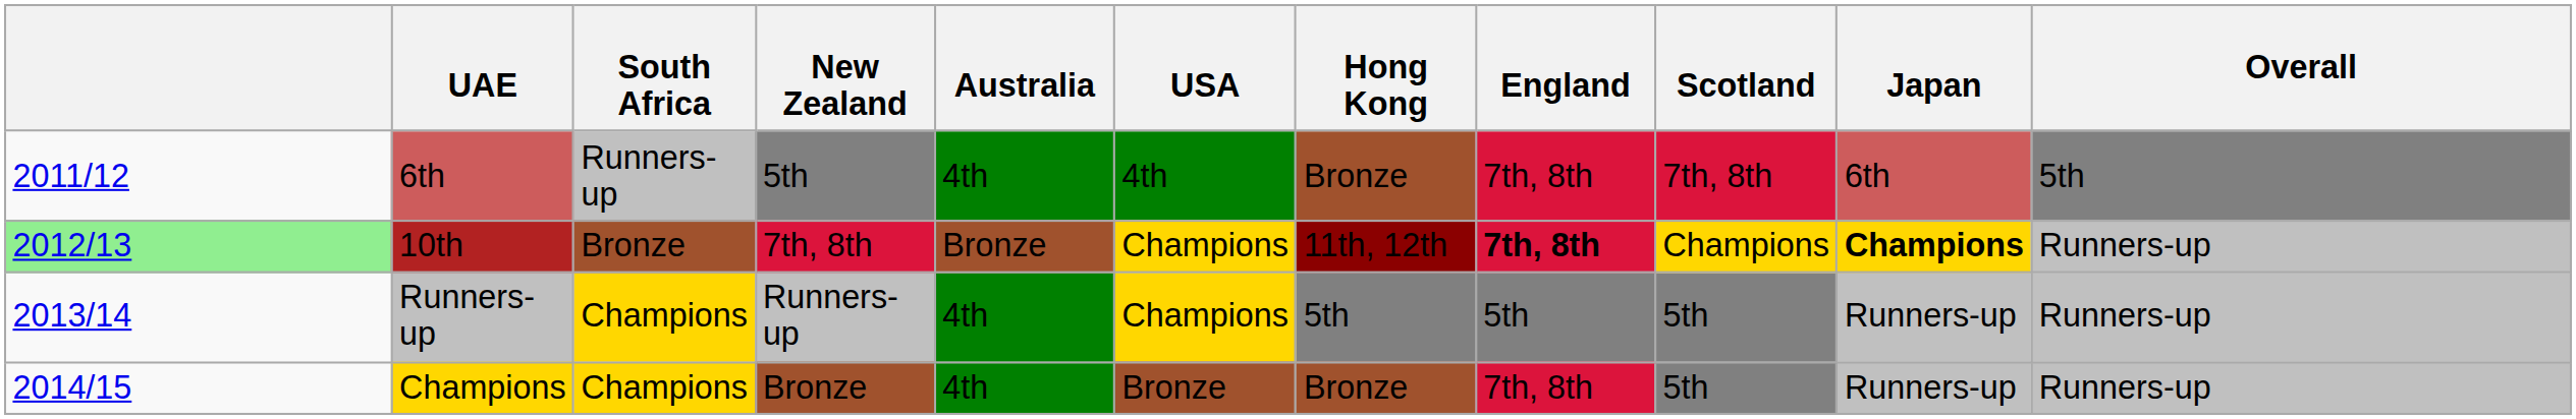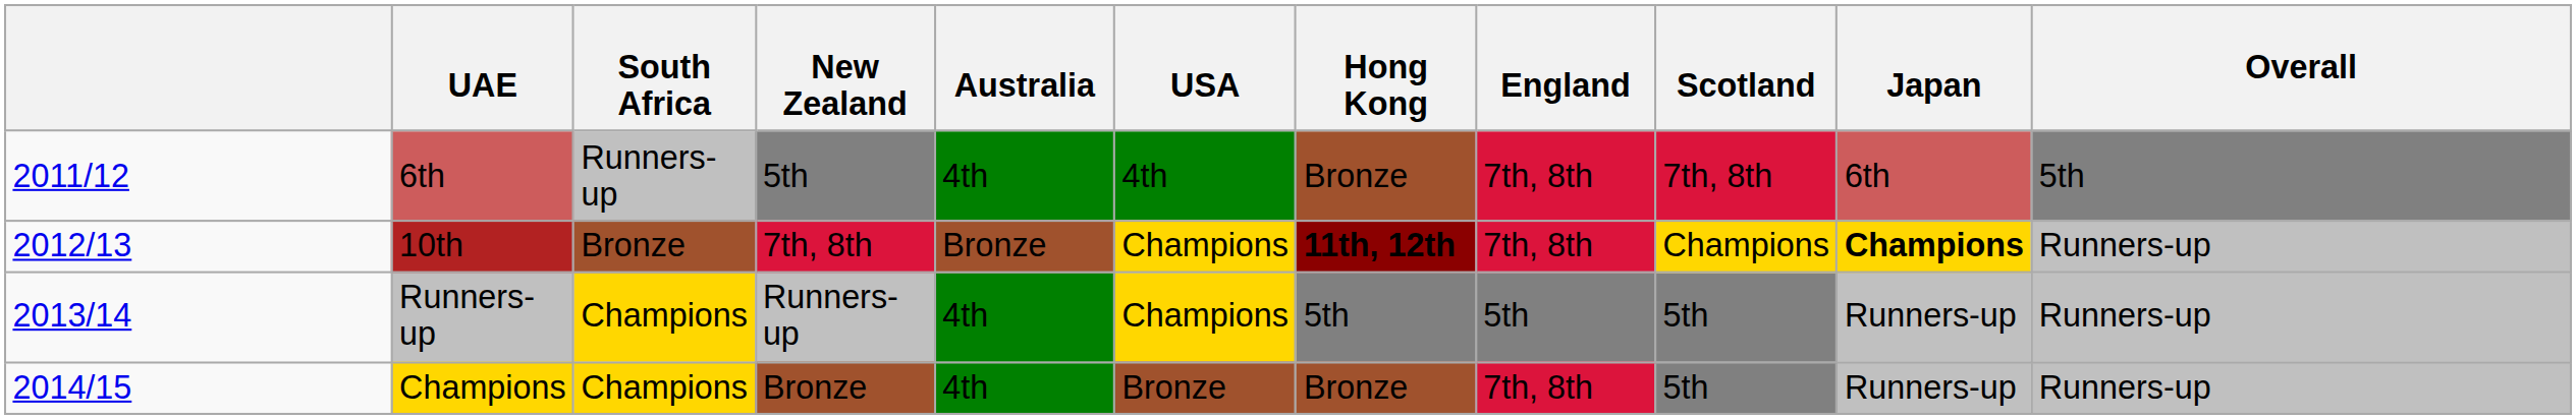 <table class="wikitable">
 <tr>
 <th></th>
 <th width=7%> <br> UAE</th>
 <th width=7%> <br> South Africa</th>
 <th width=7%> <br> New Zealand</th>
 <th width=7%> <br> Australia</th>
 <th width=7%> <br> USA</th>
 <th width=7%> <br> Hong Kong</th>
 <th width=7%> <br> England</th>
 <th width=7%> <br> Scotland</th>
 <th width=7%> <br> Japan</th>
 <th>Overall</th>
 </tr>
 <tr>
 <td><a href='#'>2011/12</a></td>
 <td style="background: indianred;">6th</td>
 <td style="background: silver;">Runners-up</td>
 <td style="background: gray;">5th</td>
 <td style="background: green;">4th</td>
 <td style="background: green;">4th</td>
 <td style="background: Sienna;">Bronze</td>
 <td style="background: Crimson;">7th, 8th</td>
 <td style="background: Crimson;">7th, 8th</td>
 <td style="background: indianred;">6th</td>
 <td style="background: gray;">5th</td>
 </tr>
 <tr>
-<td style="background: lightgreen;"><a href='#'>2012/13</a></td>
+<td><a href='#'>2012/13</a></td>
 <td style="background: FireBrick;">10th</td>
 <td style="background: Sienna;">Bronze</td>
 <td style="background: Crimson;">7th, 8th</td>
 <td style="background: Sienna;">Bronze</td>
 <td style="background: gold;">Champions</td>
-<td style="background: DarkRed;">11th, 12th</td>
-<td style="background: Crimson;"><strong>7th, 8th</strong></td>
+<td style="background: DarkRed;"><strong>11th, 12th</strong></td>
+<td style="background: Crimson;">7th, 8th</td>
 <td style="background: gold;">Champions</td>
 <td style="background: gold;"><strong>Champions</strong></td>
 <td style="background: silver;">Runners-up</td>
 </tr>
 <tr>
 <td><a href='#'>2013/14</a></td>
 <td style="background: silver;">Runners-up</td>
 <td style="background: gold;">Champions</td>
 <td style="background: silver;">Runners-up</td>
 <td style="background: green;">4th</td>
 <td style="background: gold;">Champions</td>
 <td style="background: gray;">5th</td>
 <td style="background: gray;">5th</td>
 <td style="background: gray;">5th</td>
 <td style="background: silver;">Runners-up</td>
 <td style="background: silver;">Runners-up</td>
 </tr>
 <tr>
 <td><a href='#'>2014/15</a></td>
 <td style="background: gold;">Champions</td>
 <td style="background: gold;">Champions</td>
 <td style="background: Sienna;">Bronze</td>
 <td style="background: green;">4th</td>
 <td style="background: Sienna;">Bronze</td>
 <td style="background: Sienna;">Bronze</td>
 <td style="background: Crimson;">7th, 8th</td>
 <td style="background: gray;">5th</td>
 <td style="background: silver;">Runners-up</td>
 <td style="background: silver;">Runners-up</td>
 </tr>
 <tr>
 </tr>
 </table>
